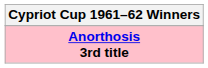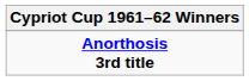 <table class="wikitable" style="text-align:center;margin: 0 auto;">
 <tr>
 <th>Cypriot Cup 1961–62 Winners</th>
 </tr>
 <tr>
 </tr>
 <tr>
-<td style="background: pink;"><strong><a href='#'>Anorthosis</a></strong><br><strong>3rd title</strong></td>
+<td><strong><a href='#'>Anorthosis</a></strong><br><strong>3rd title</strong></td>
 </tr>
 </table>
